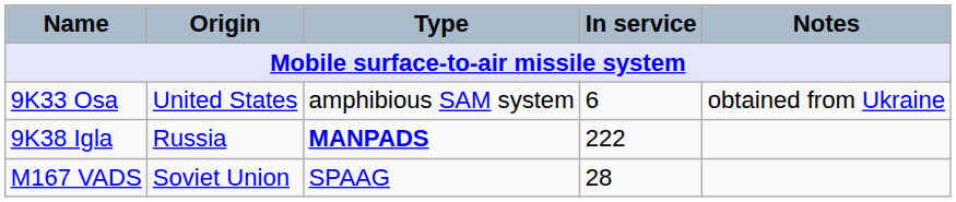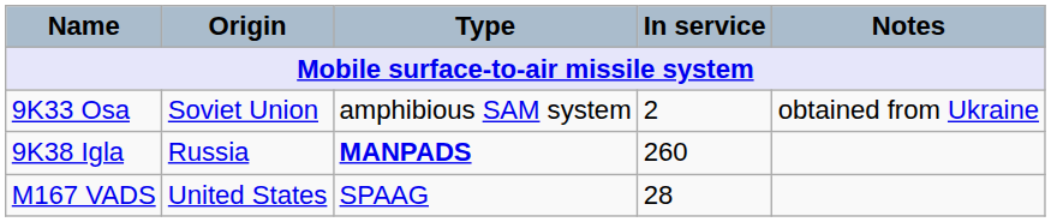 <table class="wikitable">
 <tr>
 <th style="text-align:center; background:#aabccc;">Name</th>
 <th style="text-align: center; background:#aabccc;">Origin</th>
 <th style="text-align:l center; background:#aabccc;">Type</th>
 <th style="text-align:l center; background:#aabccc;">In service</th>
 <th style="text-align: center; background:#aabccc;">Notes</th>
 </tr>
 <tr>
 <th style="align: center; background: lavender;" colspan="7"><a href='#'>Mobile surface-to-air missile system</a></th>
 </tr>
 <tr>
 <td><a href='#'>9K33 Osa</a></td>
-<td><a href='#'>United States</a></td>
+<td><a href='#'>Soviet Union</a></td>
 <td>amphibious <a href='#'>SAM</a> system</td>
-<td>6</td>
+<td>2</td>
 <td>obtained from <a href='#'>Ukraine</a></td>
 </tr>
 <tr>
 <td><a href='#'>9K38 Igla</a></td>
 <td><a href='#'>Russia</a></td>
 <td><strong><a href='#'>MANPADS</a></strong></td>
-<td>222</td>
+<td>260</td>
 <td></td>
 </tr>
 <tr>
 <td><a href='#'>M167 VADS</a></td>
-<td><a href='#'>Soviet Union</a></td>
+<td><a href='#'>United States</a></td>
 <td><a href='#'>SPAAG</a></td>
 <td>28</td>
 <td></td>
 </tr>
 </table>
